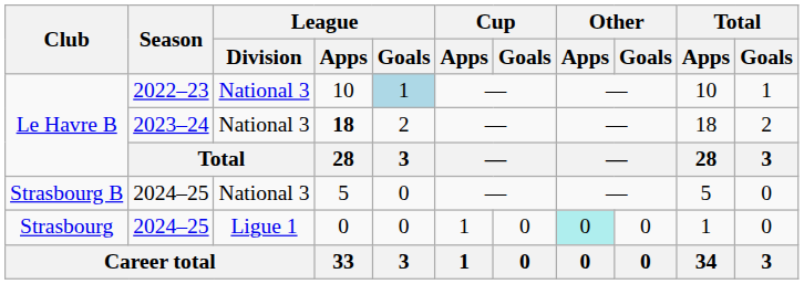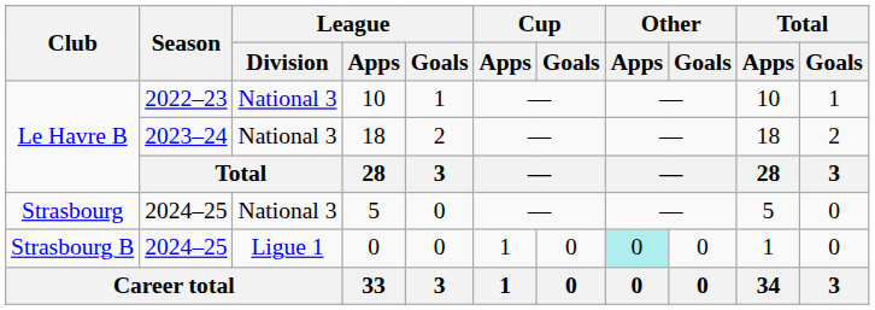 <table class="wikitable" style="text-align: center">
 <tr>
 <th rowspan="2">Club</th>
 <th rowspan="2">Season</th>
 <th colspan="3">League</th>
 <th colspan="2">Cup</th>
 <th colspan="2">Other</th>
 <th colspan="2">Total</th>
 </tr>
 <tr>
 <th>Division</th>
 <th>Apps</th>
 <th>Goals</th>
 <th>Apps</th>
 <th>Goals</th>
 <th>Apps</th>
 <th>Goals</th>
 <th>Apps</th>
 <th>Goals</th>
 </tr>
 <tr>
 <td rowspan="3"><a href='#'>Le Havre B</a></td>
 <td><a href='#'>2022–23</a></td>
 <td><a href='#'>National 3</a></td>
 <td>10</td>
-<td style="background: lightblue;">1</td>
+<td>1</td>
 <td colspan="2">—</td>
 <td colspan="2">—</td>
 <td>10</td>
 <td>1</td>
 </tr>
 <tr>
 <td><a href='#'>2023–24</a></td>
 <td>National 3</td>
-<td><strong>18</strong></td>
+<td>18</td>
 <td>2</td>
 <td colspan="2">—</td>
 <td colspan="2">—</td>
 <td>18</td>
 <td>2</td>
 </tr>
 <tr>
 <th colspan="2">Total</th>
 <th>28</th>
 <th>3</th>
 <th colspan="2">—</th>
 <th colspan="2">—</th>
 <th>28</th>
 <th>3</th>
 </tr>
 <tr>
-<td><a href='#'>Strasbourg B</a></td>
+<td><a href='#'>Strasbourg</a></td>
 <td>2024–25</td>
 <td>National 3</td>
 <td>5</td>
 <td>0</td>
 <td colspan="2">—</td>
 <td colspan="2">—</td>
 <td>5</td>
 <td>0</td>
 </tr>
 <tr>
-<td><a href='#'>Strasbourg</a></td>
+<td><a href='#'>Strasbourg B</a></td>
 <td><a href='#'>2024–25</a></td>
 <td><a href='#'>Ligue 1</a></td>
 <td>0</td>
 <td>0</td>
 <td>1</td>
 <td>0</td>
 <td style="background: paleturquoise;">0</td>
 <td>0</td>
 <td>1</td>
 <td>0</td>
 </tr>
 <tr>
 <th colspan="3">Career total</th>
 <th>33</th>
 <th>3</th>
 <th>1</th>
 <th>0</th>
 <th>0</th>
 <th>0</th>
 <th>34</th>
 <th>3</th>
 </tr>
 </table>
